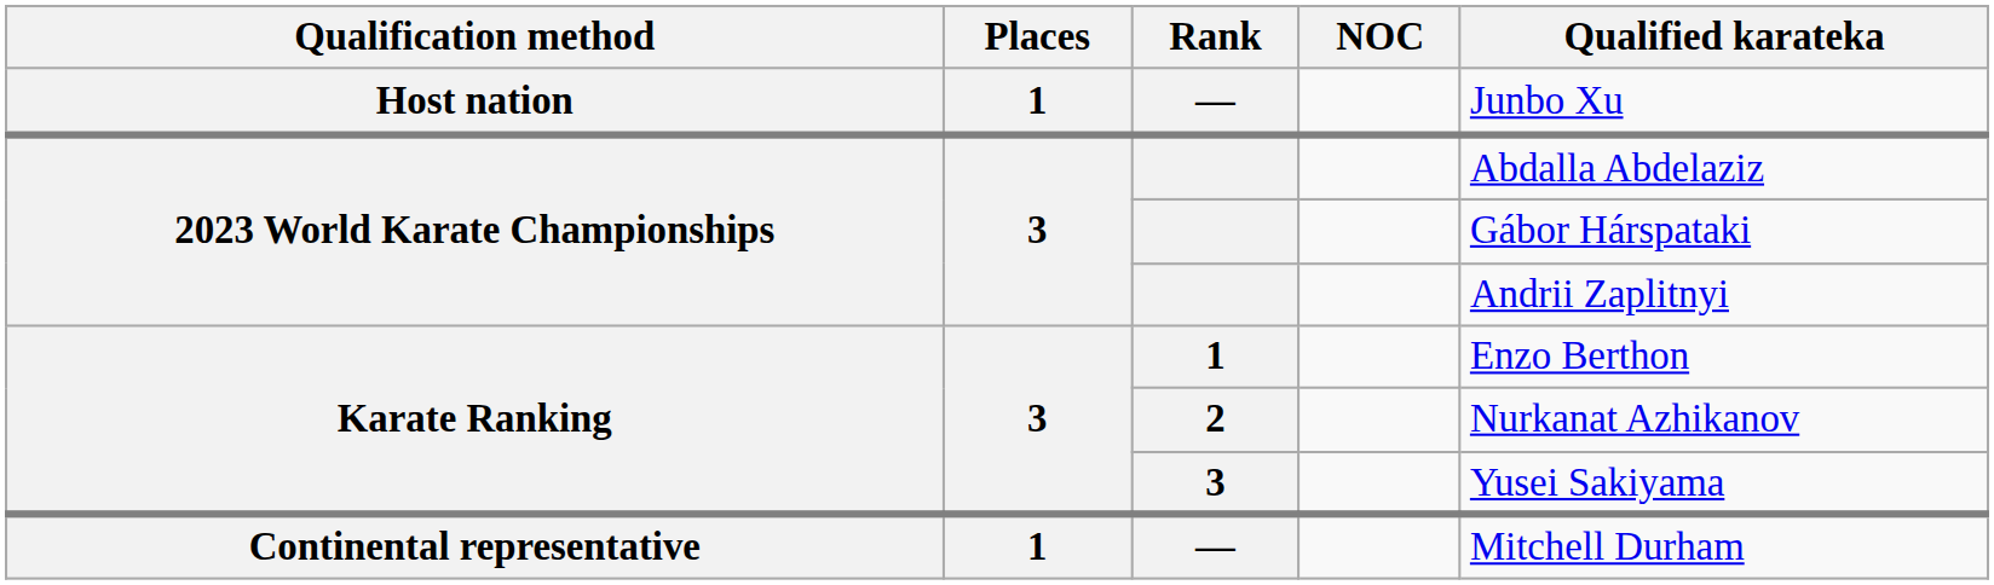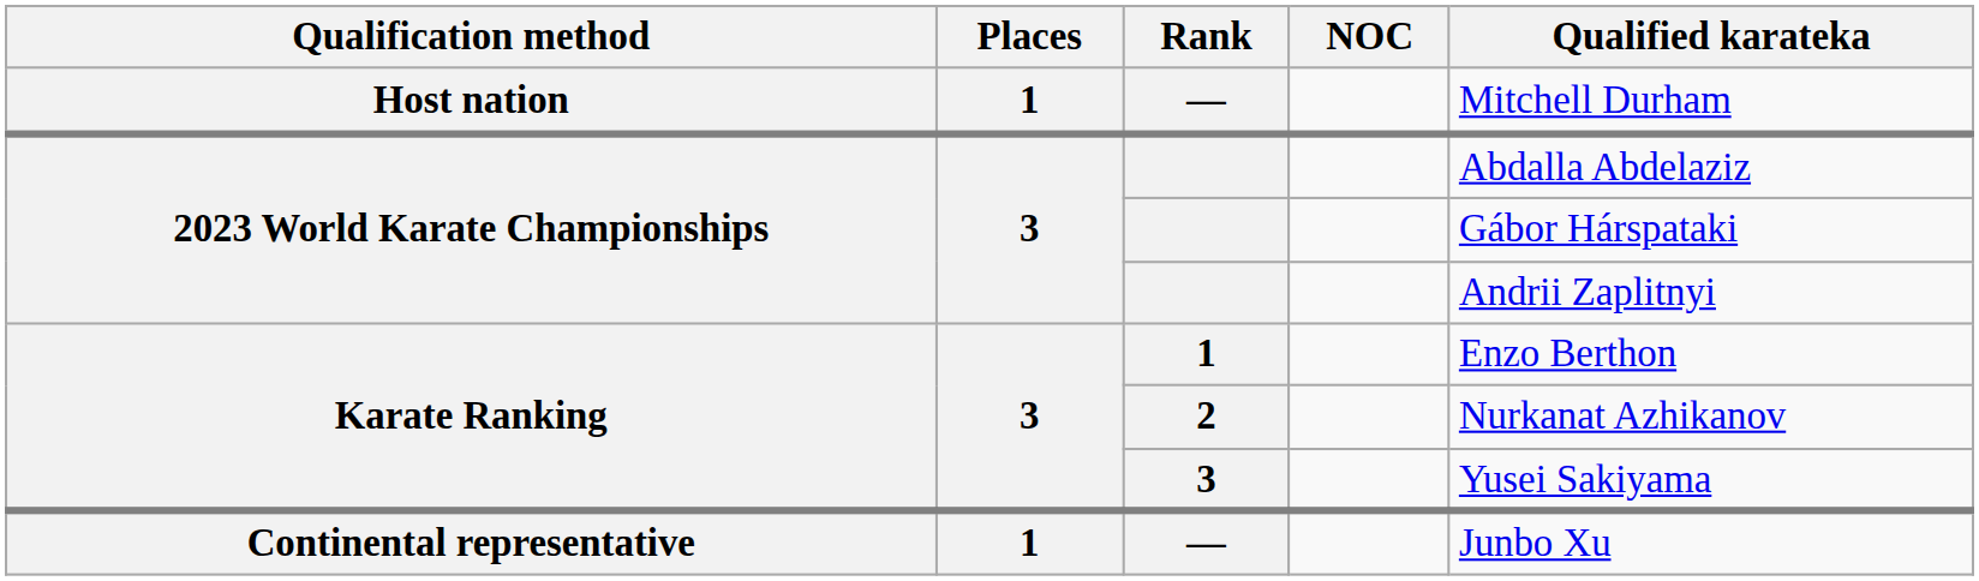 <table class="wikitable" width=800>
 <tr>
 <th>Qualification method</th>
 <th>Places</th>
 <th>Rank</th>
 <th>NOC</th>
 <th>Qualified karateka</th>
 </tr>
 <tr style="border-bottom: 3px solid grey;">
 <th>Host nation</th>
 <th>1</th>
 <th>—</th>
 <td></td>
-<td><a href='#'>Junbo Xu</a></td>
+<td><a href='#'>Mitchell Durham</a></td>
 </tr>
 <tr>
 <th rowspan=3>2023 World Karate Championships</th>
 <th rowspan=3>3</th>
 <th></th>
 <td></td>
 <td><a href='#'>Abdalla Abdelaziz</a></td>
 </tr>
 <tr>
 <th></th>
 <td></td>
 <td><a href='#'>Gábor Hárspataki</a></td>
 </tr>
 <tr>
 <th></th>
 <td></td>
 <td><a href='#'>Andrii Zaplitnyi</a></td>
 </tr>
 <tr>
 <th rowspan=3>Karate Ranking</th>
 <th rowspan=3>3</th>
 <th>1</th>
 <td></td>
 <td><a href='#'>Enzo Berthon</a></td>
 </tr>
 <tr>
 <th>2</th>
 <td></td>
 <td><a href='#'>Nurkanat Azhikanov</a></td>
 </tr>
 <tr>
 <th>3</th>
 <td></td>
 <td><a href='#'>Yusei Sakiyama</a></td>
 </tr>
 <tr>
 </tr>
 <tr style="border-top: 3px solid grey;">
 <th rowspan=5>Continental representative</th>
 <th>1</th>
 <th>—</th>
 <td></td>
-<td><a href='#'>Mitchell Durham</a></td>
+<td><a href='#'>Junbo Xu</a></td>
 </tr>
 </table>
